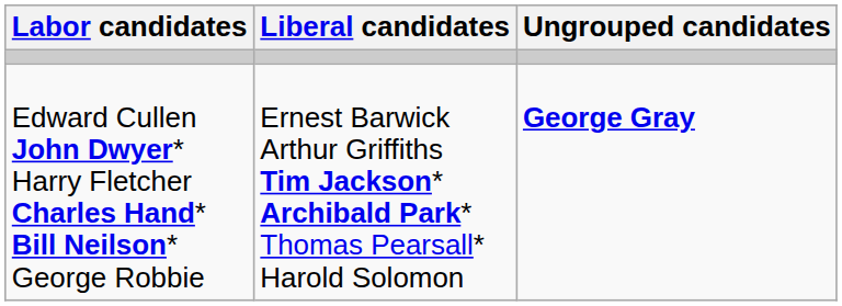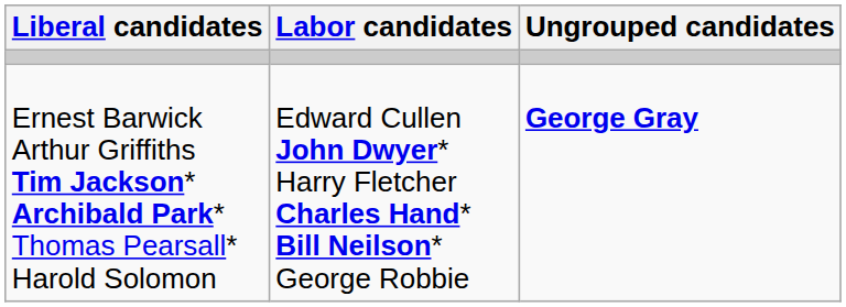 <table class="wikitable">
 <tr>
+<th><a href='#'>Liberal</a> candidates</th>
 <th><a href='#'>Labor</a> candidates</th>
-<th><a href='#'>Liberal</a> candidates</th>
 <th>Ungrouped candidates</th>
 </tr>
 <tr bgcolor="#cccccc">
 <td></td>
 <td></td>
 <td></td>
 </tr>
 <tr>
+<td><br>Ernest Barwick<br> Arthur Griffiths<br> <strong><a href='#'>Tim Jackson</a></strong>*<br> <strong><a href='#'>Archibald Park</a></strong>*<br> <a href='#'>Thomas Pearsall</a>*<br> Harold Solomon</td>
 <td><br>Edward Cullen<br> <strong><a href='#'>John Dwyer</a></strong>*<br> Harry Fletcher<br> <strong><a href='#'>Charles Hand</a></strong>*<br> <strong><a href='#'>Bill Neilson</a></strong>*<br> George Robbie</td>
-<td><br>Ernest Barwick<br> Arthur Griffiths<br> <strong><a href='#'>Tim Jackson</a></strong>*<br> <strong><a href='#'>Archibald Park</a></strong>*<br> <a href='#'>Thomas Pearsall</a>*<br> Harold Solomon</td>
 <td valign=top><br><strong><a href='#'>George Gray</a></strong></td>
 </tr>
 </table>
